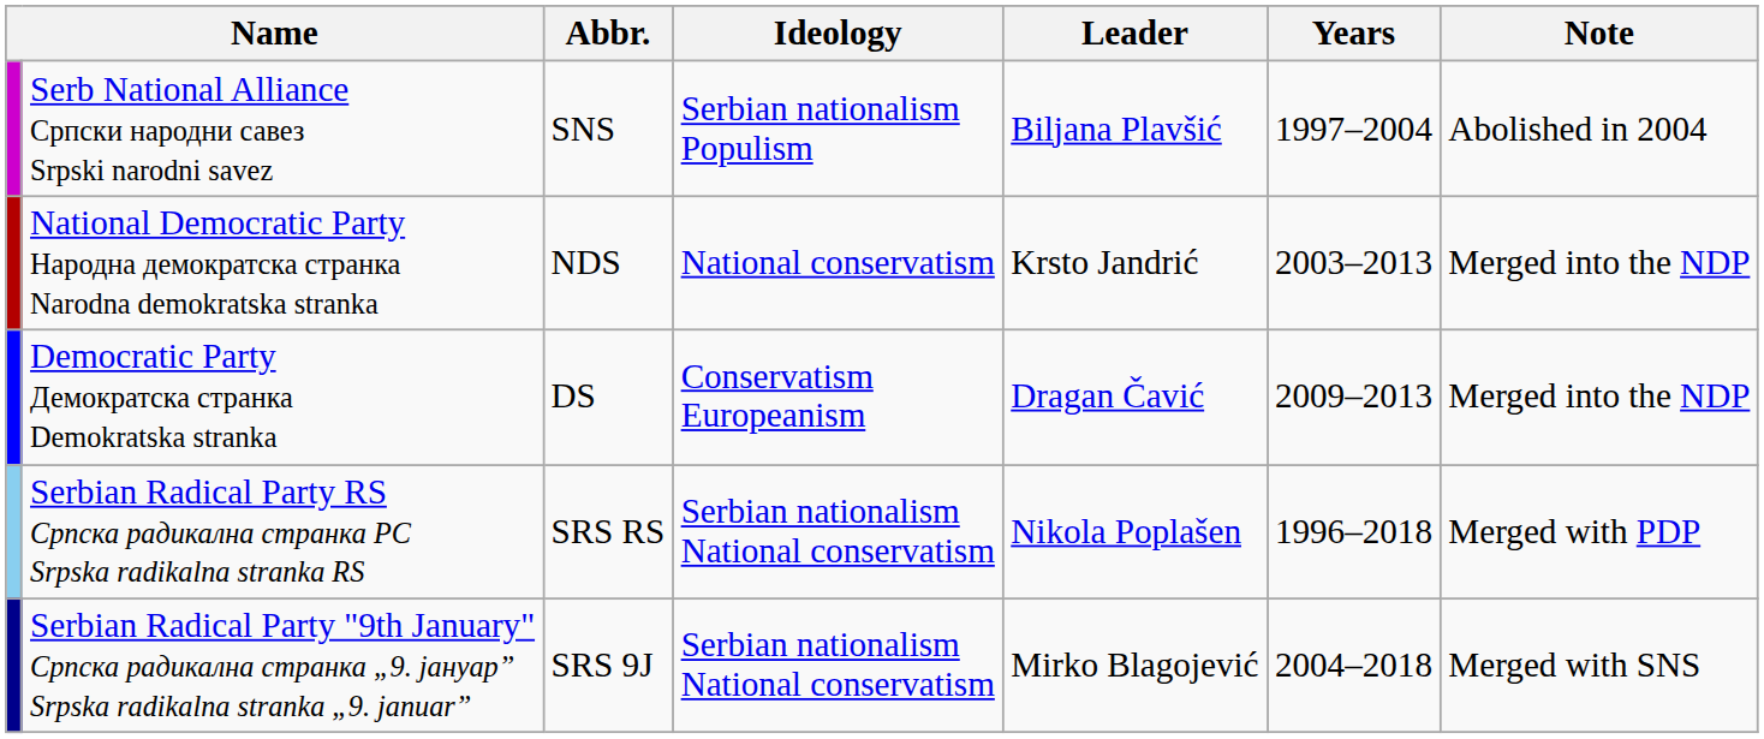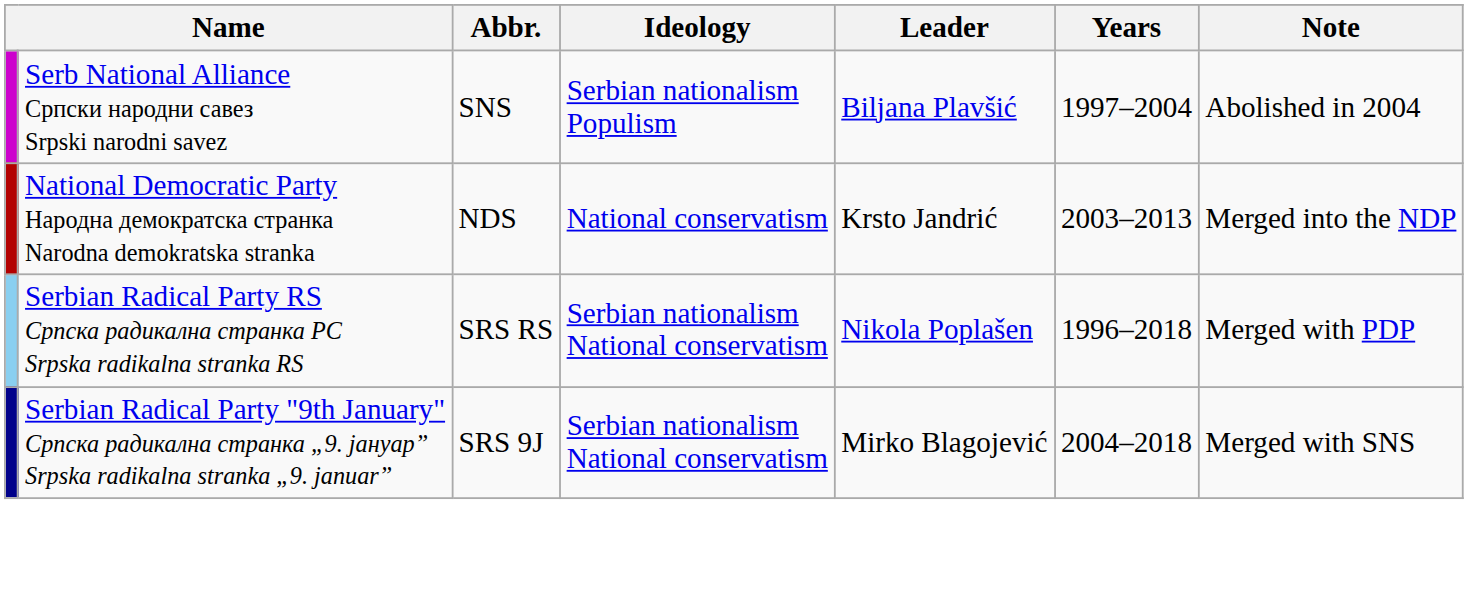 <table class="wikitable" font-size:90%;>
 <tr>
 <th colspan=2>Name</th>
 <th>Abbr.</th>
 <th>Ideology</th>
 <th>Leader</th>
 <th>Years</th>
 <th>Note</th>
 </tr>
 <tr>
 <th style="background:#CD00CD;"></th>
 <td><a href='#'>Serb National Alliance</a><br><small>Српски народни савез<br>Srpski narodni savez </small></td>
 <td>SNS</td>
 <td><a href='#'>Serbian nationalism</a><br><a href='#'>Populism</a></td>
 <td><a href='#'>Biljana Plavšić</a></td>
 <td>1997–2004</td>
 <td>Abolished in 2004</td>
 </tr>
 <tr>
 <th style="background:#b30000;"></th>
 <td><a href='#'>National Democratic Party</a><br><small>Народна демократска странка<br>Narodna demokratska stranka </small></td>
 <td>NDS</td>
 <td><a href='#'>National conservatism</a></td>
 <td>Krsto Jandrić</td>
 <td>2003–2013</td>
 <td>Merged into the <a href='#'>NDP</a></td>
 </tr>
 <tr>
-<th style="background:blue;"></th>
-<td><a href='#'>Democratic Party</a><br><small>Демократска странка<br>Demokratska stranka</small></td>
-<td>DS</td>
-<td><a href='#'>Conservatism</a><br><a href='#'>Europeanism</a></td>
-<td><a href='#'>Dragan Čavić</a></td>
-<td>2009–2013</td>
-<td>Merged into the <a href='#'>NDP</a></td>
-</tr>
-<tr>
 <th style="background-color: #89CFF0"></th>
 <td><a href='#'>Serbian Radical Party RS</a> <br><small><em>Српска радикална странка PC</em></small><br><small><em>Srpska radikalna stranka RS</em></small></td>
 <td>SRS RS</td>
 <td><a href='#'>Serbian nationalism</a><br><a href='#'>National conservatism</a></td>
 <td><a href='#'>Nikola Poplašen</a></td>
 <td>1996–2018</td>
 <td>Merged with <a href='#'>PDP</a></td>
 </tr>
 <tr>
 <th style="background-color: darkblue"></th>
 <td><a href='#'>Serbian Radical Party "9th January"</a> <br><small><em>Српска радикална странка „9. јануар”</em></small><br><small><em>Srpska radikalna stranka „9. januar”</em></small></td>
 <td>SRS 9J</td>
 <td><a href='#'>Serbian nationalism</a><br><a href='#'>National conservatism</a></td>
 <td>Mirko Blagojević</td>
 <td>2004–2018</td>
 <td>Merged with SNS</td>
 </tr>
 </table>
